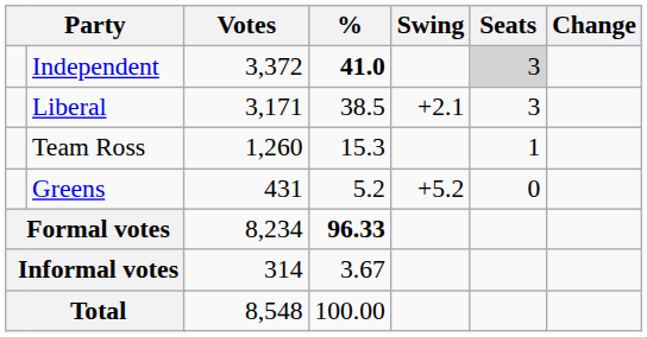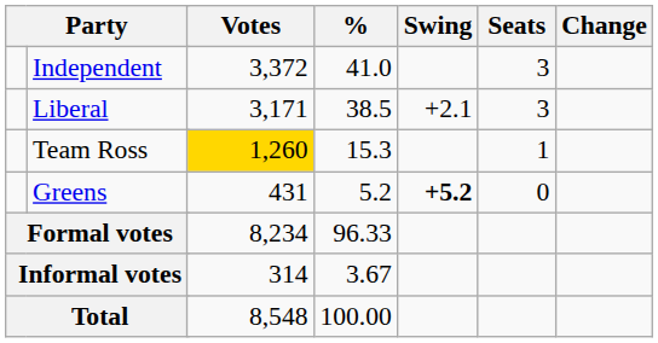 <table class="wikitable" style="text-align:right; margin-bottom:0">
 <tr>
 <th style="width:10px" colspan=3>Party</th>
 <th style="width:70px;">Votes</th>
 <th style="width:40px;">%</th>
 <th style="width:40px;">Swing</th>
 <th style="width:40px;">Seats</th>
 <th style="width:40px;">Change</th>
 </tr>
 <tr>
 <td> </td>
 <td style="text-align:left;" colspan="2"><a href='#'>Independent</a></td>
 <td>3,372</td>
-<td><strong>41.0</strong></td>
+<td>41.0</td>
 <td></td>
-<td style="background: lightgrey;">3</td>
+<td>3</td>
 <td></td>
 </tr>
 <tr>
 <td> </td>
 <td style="text-align:left;" colspan="2"><a href='#'>Liberal</a></td>
 <td>3,171</td>
 <td>38.5</td>
 <td>+2.1</td>
 <td>3</td>
 <td></td>
 </tr>
 <tr>
 <td> </td>
 <td style="text-align:left;" colspan="2">Team Ross</td>
-<td>1,260</td>
+<td style="background: gold;">1,260</td>
 <td>15.3</td>
 <td></td>
 <td>1</td>
 <td></td>
 </tr>
 <tr>
 <td> </td>
 <td style="text-align:left;" colspan="2"><a href='#'>Greens</a></td>
 <td>431</td>
 <td>5.2</td>
-<td>+5.2</td>
+<td><strong>+5.2</strong></td>
 <td>0</td>
 <td></td>
 </tr>
 <tr>
 <th colspan="3" rowspan="1"> Formal votes</th>
 <td>8,234</td>
-<td><strong>96.33</strong></td>
+<td>96.33</td>
 <td></td>
 <td></td>
 <td></td>
 </tr>
 <tr>
 <th colspan="3" rowspan="1"> Informal votes</th>
 <td>314</td>
 <td>3.67</td>
 <td></td>
 <td></td>
 <td></td>
 </tr>
 <tr>
 <th colspan="3" rowspan="1"> <strong>Total </strong></th>
 <td>8,548</td>
 <td>100.00</td>
 <td></td>
 <td></td>
 <td></td>
 </tr>
 </table>
